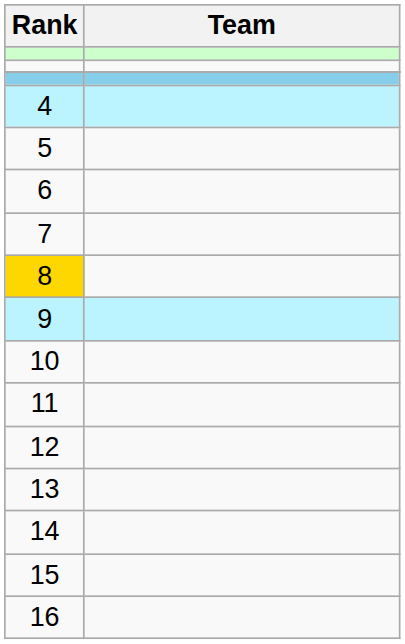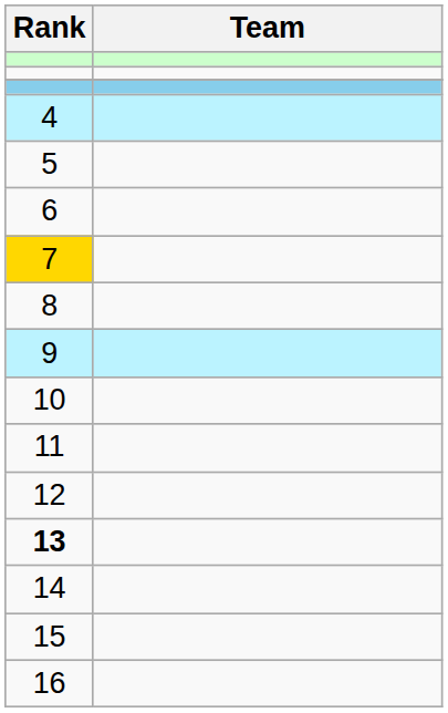 <table class="wikitable" style="text-align: center;">
 <tr>
 <th width=40>Rank</th>
 <th width=180>Team</th>
 </tr>
 <tr bgcolor=ccffcc>
 <td></td>
 <td align=left></td>
 </tr>
 <tr>
 <td></td>
 <td align=left></td>
 </tr>
 <tr>
 </tr>
 <tr bgcolor=skyblue>
 <td></td>
 <td align=left></td>
 </tr>
 <tr bgcolor=bbf3ff>
 <td>4</td>
 <td align=left></td>
 </tr>
 <tr>
 <td>5</td>
 <td align=left></td>
 </tr>
 <tr>
 <td>6</td>
 <td align=left></td>
 </tr>
 <tr>
-<td>7</td>
+<td style="background: gold;">7</td>
 <td align=left></td>
 </tr>
 <tr>
-<td style="background: gold;">8</td>
+<td>8</td>
 <td align=left></td>
 </tr>
 <tr bgcolor=#bbf3ff>
 <td>9</td>
 <td align=left></td>
 </tr>
 <tr>
 <td>10</td>
 <td align=left></td>
 </tr>
 <tr>
 <td>11</td>
 <td align=left></td>
 </tr>
 <tr>
 <td>12</td>
 <td align=left></td>
 </tr>
 <tr>
-<td>13</td>
+<td><strong>13</strong></td>
 <td align=left></td>
 </tr>
 <tr>
 <td>14</td>
 <td align=left></td>
 </tr>
 <tr>
 <td>15</td>
 <td align=left></td>
 </tr>
 <tr>
 <td>16</td>
 <td align=left></td>
 </tr>
 </table>
